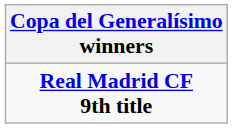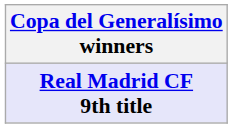 <table class="wikitable" style="text-align: center; margin: 0 auto;">
 <tr>
 <th><a href='#'>Copa del Generalísimo</a><br>winners</th>
 </tr>
 <tr>
-<td><strong><a href='#'>Real Madrid CF</a></strong><br><strong>9th title</strong></td>
+<td style="background: lavender;"><strong><a href='#'>Real Madrid CF</a></strong><br><strong>9th title</strong></td>
 </tr>
 </table>
